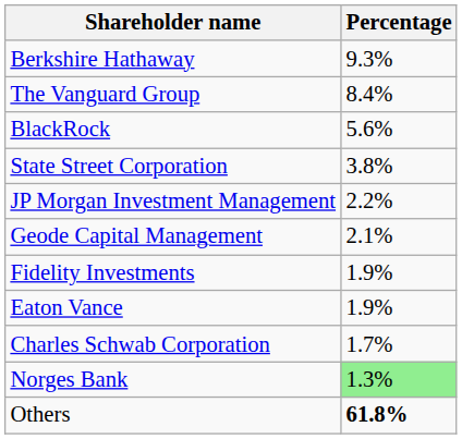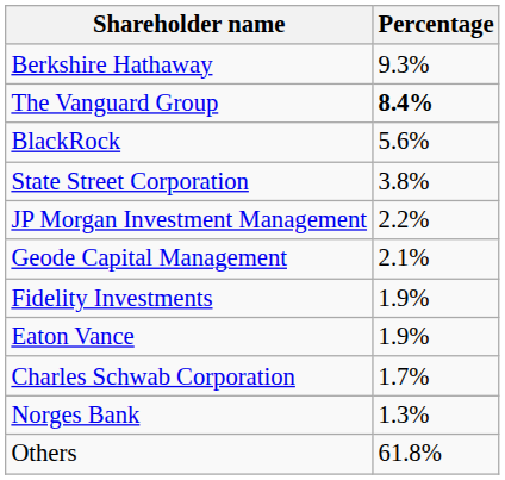 <table class="wikitable sortable">
 <tr>
 <th>Shareholder name</th>
 <th>Percentage</th>
 </tr>
 <tr>
 <td><a href='#'>Berkshire Hathaway</a></td>
 <td>9.3%</td>
 </tr>
 <tr>
 <td><a href='#'>The Vanguard Group</a></td>
-<td>8.4%</td>
+<td><strong>8.4%</strong></td>
 </tr>
 <tr>
 <td><a href='#'>BlackRock</a></td>
 <td>5.6%</td>
 </tr>
 <tr>
 <td><a href='#'>State Street Corporation</a></td>
 <td>3.8%</td>
 </tr>
 <tr>
 <td><a href='#'>JP Morgan Investment Management</a></td>
 <td>2.2%</td>
 </tr>
 <tr>
 <td><a href='#'>Geode Capital Management</a></td>
 <td>2.1%</td>
 </tr>
 <tr>
 <td><a href='#'>Fidelity Investments</a></td>
 <td>1.9%</td>
 </tr>
 <tr>
 <td><a href='#'>Eaton Vance</a></td>
 <td>1.9%</td>
 </tr>
 <tr>
 <td><a href='#'>Charles Schwab Corporation</a></td>
 <td>1.7%</td>
 </tr>
 <tr>
 <td><a href='#'>Norges Bank</a></td>
-<td style="background: lightgreen;">1.3%</td>
+<td>1.3%</td>
 </tr>
 <tr>
 <td>Others</td>
-<td><strong>61.8%</strong></td>
+<td>61.8%</td>
 </tr>
 </table>
